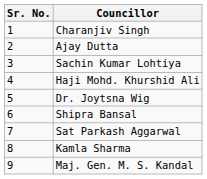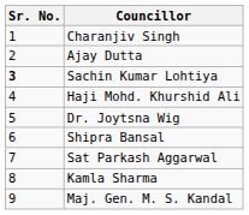 <table class="wikitable sortable">
 <tr>
 <th>Sr. No.</th>
 <th>Councillor</th>
 </tr>
 <tr>
 <td>1</td>
 <td>Charanjiv Singh</td>
 </tr>
 <tr>
 <td>2</td>
 <td>Ajay Dutta</td>
 </tr>
 <tr>
-<td>3</td>
+<td><strong>3</strong></td>
 <td>Sachin Kumar Lohtiya</td>
 </tr>
 <tr>
 <td>4</td>
 <td>Haji Mohd. Khurshid Ali</td>
 </tr>
 <tr>
 <td>5</td>
 <td>Dr. Joytsna Wig</td>
 </tr>
 <tr>
 <td>6</td>
 <td>Shipra Bansal</td>
 </tr>
 <tr>
 <td>7</td>
 <td>Sat Parkash Aggarwal</td>
 </tr>
 <tr>
 <td>8</td>
 <td>Kamla Sharma</td>
 </tr>
 <tr>
 <td>9</td>
 <td>Maj. Gen. M. S. Kandal</td>
 </tr>
 </table>
